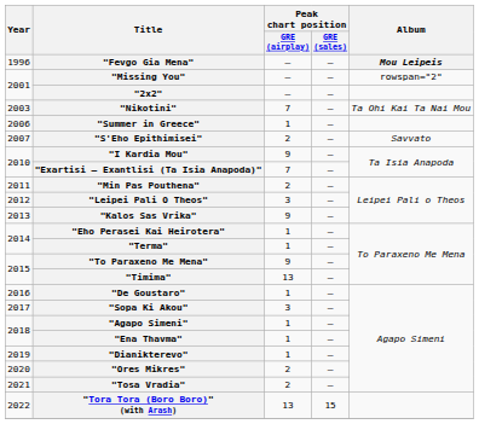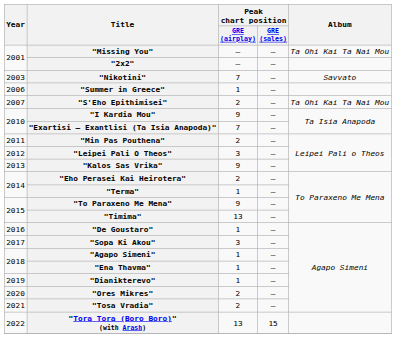 <table class="wikitable plainrowheaders" style="text-align:center;">
 <tr>
 <th scope="col" rowspan="2">Year</th>
 <th scope="col" rowspan="2">Title</th>
 <th scope="col" colspan="2">Peak<br>chart position</th>
 <th scope="col" rowspan="2">Album</th>
 </tr>
 <tr>
 <th style="width:3em;font-size:85%;"><a href='#'>GRE<br>(airplay)</a><br></th>
 <th style="width:3em;font-size:85%;"><a href='#'>GRE<br>(sales)</a><br></th>
 </tr>
 <tr>
-<td>1996</td>
-<th scope="row">"Fevgo Gia Mena"</th>
-<td>—</td>
-<td>—</td>
-<th scope="row"><em>Mou Leipeis</em></th>
-</tr>
-<tr>
 <td rowspan="2">2001</td>
 <th scope="row">"Missing You"</th>
 <td>—</td>
 <td>—</td>
-<td>rowspan="2" </td>
+<td><em>Ta Ohi Kai Ta Nai Mou</em></td>
 </tr>
 <tr>
 <th scope="row">"2x2"</th>
 <td>—</td>
 <td>—</td>
 </tr>
 <tr>
 <td>2003</td>
 <th scope="row">"Nikotini"</th>
 <td>7</td>
 <td>—</td>
-<td><em>Ta Ohi Kai Ta Nai Mou</em></td>
+<td><em>Savvato</em></td>
 </tr>
 <tr>
 <td>2006</td>
 <th scope="row">"Summer in Greece"</th>
 <td>1</td>
 <td>—</td>
 <td></td>
 </tr>
 <tr>
 <td>2007</td>
 <th scope="row">"S'Eho Epithimisei"</th>
 <td>2</td>
 <td>—</td>
-<td><em>Savvato</em></td>
+<td><em>Ta Ohi Kai Ta Nai Mou</em></td>
 </tr>
 <tr>
 <td rowspan="2">2010</td>
 <th scope="row">"I Kardia Mou"</th>
 <td>9</td>
 <td>—</td>
 <td rowspan="2"><em>Ta Isia Anapoda</em></td>
 </tr>
 <tr>
 <th scope="row">"Exartisi – Exantlisi (Ta Isia Anapoda)"</th>
 <td>7</td>
 <td>—</td>
 </tr>
 <tr>
 <td>2011</td>
 <th scope="row">"Min Pas Pouthena"</th>
 <td>2</td>
 <td>—</td>
 <td rowspan="3"><em>Leipei Pali o Theos</em></td>
 </tr>
 <tr>
 <td>2012</td>
 <th scope="row">"Leipei Pali O Theos"</th>
 <td>3</td>
 <td>—</td>
 </tr>
 <tr>
 <td>2013</td>
 <th scope="row">"Kalos Sas Vrika"</th>
 <td>9</td>
 <td>—</td>
 </tr>
 <tr>
 <td rowspan="2">2014</td>
 <th scope="row">"Eho Perasei Kai Heirotera"</th>
-<td>1</td>
+<td>2</td>
 <td>—</td>
 <td rowspan="4"><em>To Paraxeno Me Mena</em></td>
 </tr>
 <tr>
 <th scope="row">"Terma"</th>
 <td>1</td>
 <td>—</td>
 </tr>
 <tr>
 <td rowspan="2">2015</td>
 <th scope="row">"To Paraxeno Me Mena"</th>
 <td>9</td>
 <td>—</td>
 </tr>
 <tr>
 <th scope="row">"Timima"</th>
 <td>13</td>
 <td>—</td>
 </tr>
 <tr>
 <td>2016</td>
 <th scope="row">"De Goustaro"</th>
 <td>1</td>
 <td>—</td>
 <td rowspan="7"><em>Agapo Simeni</em></td>
 </tr>
 <tr>
 <td>2017</td>
 <th scope="row">"Sopa Ki Akou"</th>
 <td>3</td>
 <td>—</td>
 </tr>
 <tr>
 <td rowspan="2">2018</td>
 <th scope="row">"Agapo Simeni"</th>
 <td>1</td>
 <td>—</td>
 </tr>
 <tr>
 <th scope="row">"Ena Thavma"</th>
 <td>1</td>
 <td>—</td>
 </tr>
 <tr>
 <td>2019</td>
 <th scope="row">"Dianikterevo"</th>
 <td>1</td>
 <td>—</td>
 </tr>
 <tr>
 <td>2020</td>
 <th scope="row">"Ores Mikres"</th>
 <td>2</td>
 <td>—</td>
 </tr>
 <tr>
 <td>2021</td>
 <th scope="row">"Tosa Vradia"</th>
 <td>2</td>
 <td>—</td>
 </tr>
 <tr>
 <td>2022</td>
 <th scope="row">"<a href='#'>Tora Tora (Boro Boro)</a>" <br><small>(with <a href='#'>Arash</a>)</small></th>
 <td>13</td>
 <td>15</td>
 <td></td>
 </tr>
 <tr>
 </tr>
 </table>
